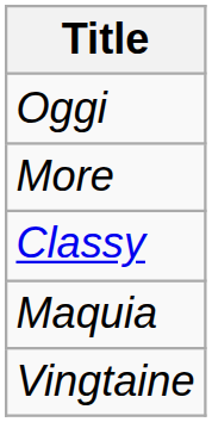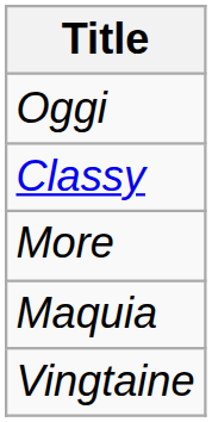 <table class="wikitable">
 <tr>
 <th>Title</th>
 </tr>
 <tr>
 <td><em>Oggi</em></td>
 </tr>
 <tr>
-<td><em>More</em></td>
+<td><em><a href='#'>Classy</a></em></td>
 </tr>
 <tr>
-<td><em><a href='#'>Classy</a></em></td>
+<td><em>More</em></td>
 </tr>
 <tr>
 <td><em>Maquia</em></td>
 </tr>
 <tr>
 <td><em>Vingtaine</em></td>
 </tr>
 </table>
